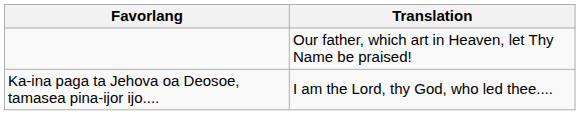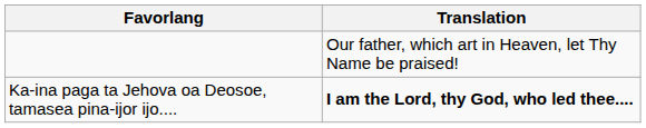 <table class="wikitable">
 <tr>
 <th>Favorlang</th>
 <th>Translation</th>
 </tr>
 <tr>
 <td></td>
 <td>Our father, which art in Heaven, let Thy Name be praised!</td>
 </tr>
 <tr>
 <td>Ka-ina paga ta Jehova oa Deosoe, tamasea pina-ijor ijo....</td>
-<td>I am the Lord, thy God, who led thee....</td>
+<td><strong>I am the Lord, thy God, who led thee....</strong></td>
 </tr>
 </table>
